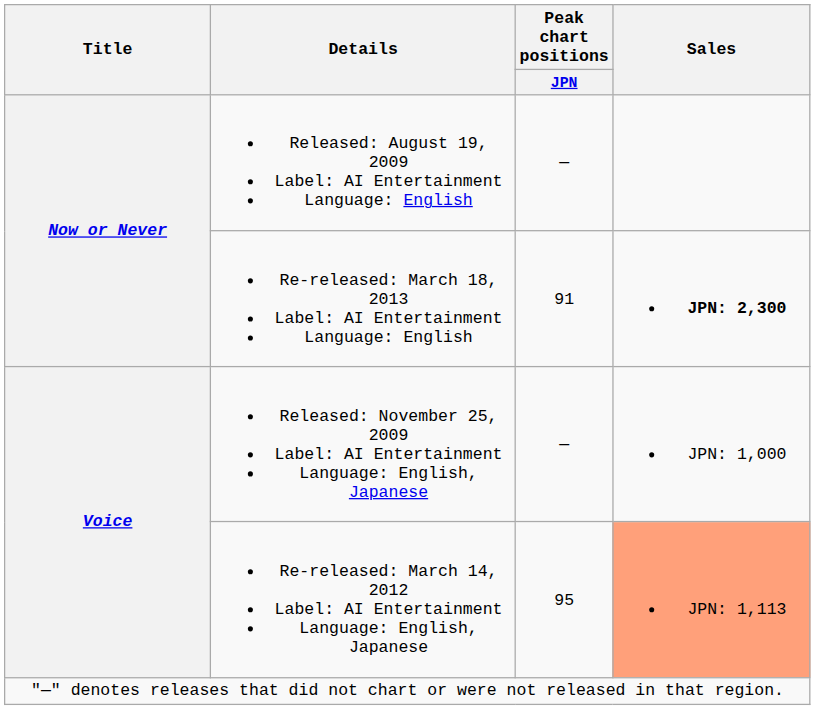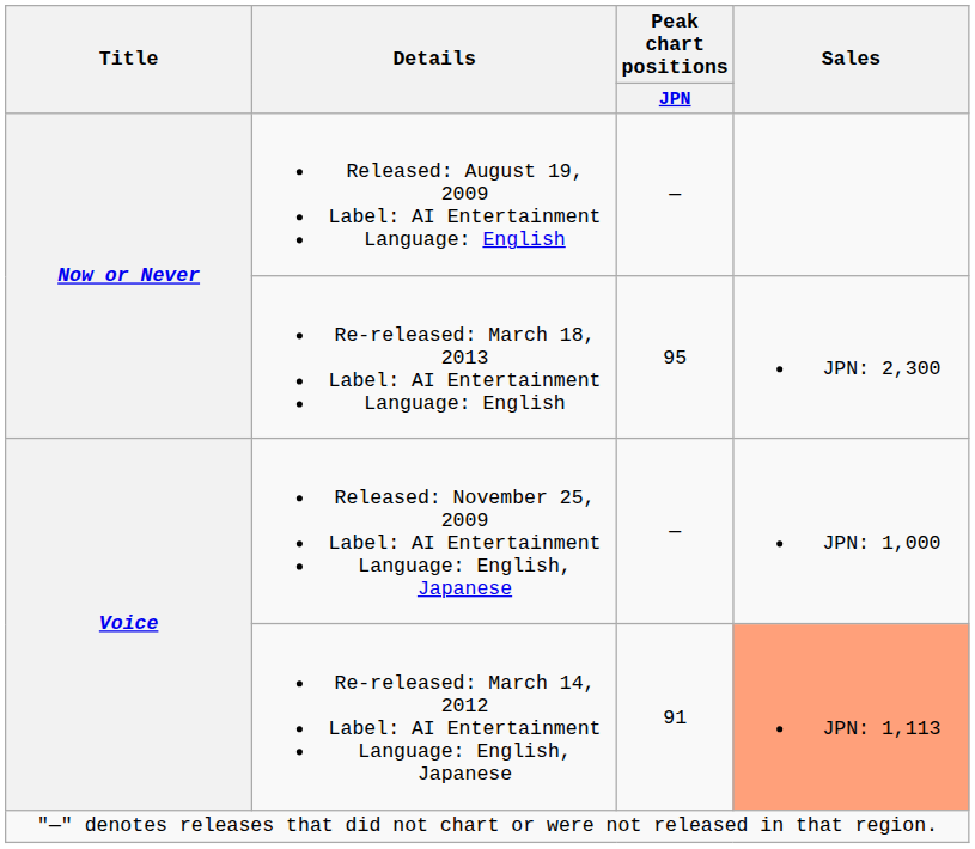 <table class="wikitable plainrowheaders" style="text-align:center" border="1">
 <tr>
 <th rowspan="2" style="width:12em">Title</th>
 <th rowspan="2" style="width:18em">Details</th>
 <th colspan="1">Peak chart positions</th>
 <th rowspan="2" style="width:11.5em">Sales</th>
 </tr>
 <tr>
 <th scope="col" style="width:3em;font-size:90%"><a href='#'>JPN</a><br></th>
 </tr>
 <tr>
 <th rowspan="2" scope="row"><em><a href='#'>Now or Never</a></em></th>
 <td><br><ul><li>Released: August 19, 2009</li><li>Label: AI Entertainment</li><li>Language: <a href='#'>English</a></li></ul></td>
 <td>—</td>
 <td></td>
 </tr>
 <tr>
 <td><br><ul><li>Re-released: March 18, 2013</li><li>Label: AI Entertainment</li><li>Language: English</li></ul></td>
-<td>91</td>
-<td><strong><br><ul><li>JPN: 2,300</li></ul></strong></td>
+<td>95</td>
+<td><br><ul><li>JPN: 2,300</li></ul></td>
 </tr>
 <tr>
 <th rowspan="2" scope="row"><em><a href='#'>Voice</a></em></th>
 <td><br><ul><li>Released: November 25, 2009</li><li>Label: AI Entertainment</li><li>Language: English, <a href='#'>Japanese</a></li></ul></td>
 <td>—</td>
 <td><br><ul><li>JPN: 1,000</li></ul></td>
 </tr>
 <tr>
 <td><br><ul><li>Re-released: March 14, 2012</li><li>Label: AI Entertainment</li><li>Language: English, Japanese</li></ul></td>
-<td>95</td>
+<td>91</td>
 <td style="background: lightsalmon;"><br><ul><li>JPN: 1,113</li></ul></td>
 </tr>
 <tr>
 <td colspan="4">"—" denotes releases that did not chart or were not released in that region.</td>
 </tr>
 </table>
